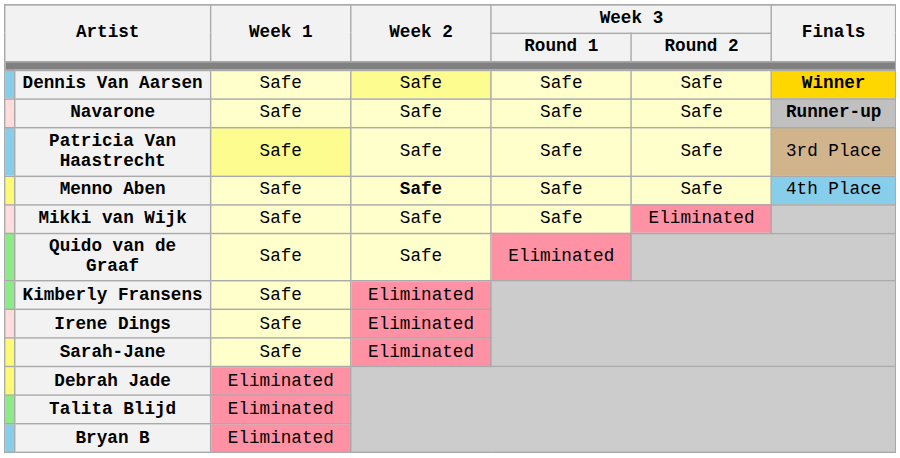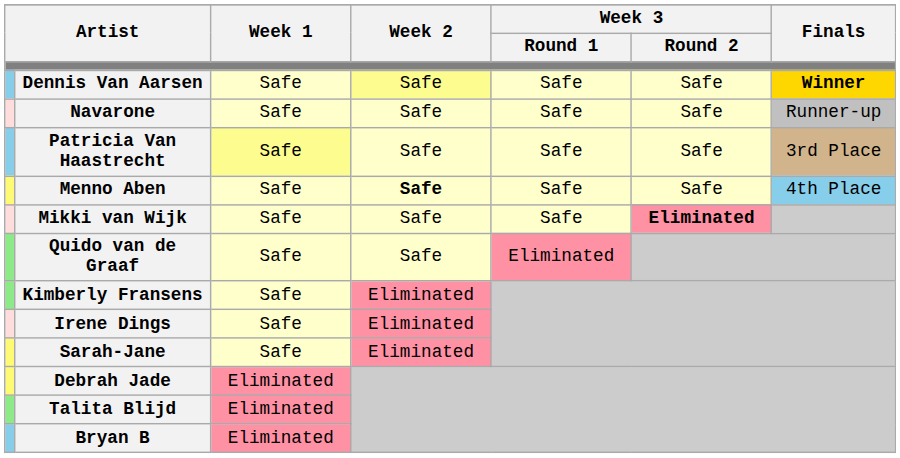 <table class="wikitable"  style="text-align:center; font-size:95%; width:100%;">
 <tr>
 </tr>
 <tr>
 <th style="width:18%"  rowspan="2" colspan="2" scope="col">Artist</th>
 <th style="width:11%"  rowspan="2" colspan="1" scope="col">Week 1</th>
 <th style="width:11%"  rowspan="2" colspan="1" scope="col">Week 2</th>
 <th style="width:22%" colspan="2" scope="col">Week 3</th>
 <th style="width:11%"  rowspan="2" colspan="1" scope="col">Finals</th>
 </tr>
 <tr>
 <th style="width:11%">Round 1</th>
 <th style="width:11%">Round 2</th>
 </tr>
 <tr>
 <th colspan="10" style="background:grey;"></th>
 </tr>
 <tr>
 <th style="background:#87ceeb;"></th>
 <th>Dennis Van Aarsen</th>
 <td style="background:#FFFFCC">Safe</td>
 <td style="background:#fdfc8f">Safe</td>
 <td style="background:#FFFFCC">Safe</td>
 <td style="background:#FFFFCC">Safe</td>
 <td style="background:gold;"><strong>Winner</strong></td>
 </tr>
 <tr>
 <th style="background:#ffdddd;"></th>
 <th>Navarone</th>
 <td style="background:#FFFFCC">Safe</td>
 <td style="background:#FFFFCC">Safe</td>
 <td style="background:#FFFFCC">Safe</td>
 <td style="background:#FFFFCC">Safe</td>
-<td style="background:silver;"><strong>Runner-up</strong></td>
+<td style="background:silver;">Runner-up</td>
 </tr>
 <tr>
 <th style="background:#87ceeb;"></th>
 <th>Patricia Van Haastrecht</th>
 <td style="background:#fdfc8f">Safe</td>
 <td style="background:#FFFFCC">Safe</td>
 <td style="background:#FFFFCC">Safe</td>
 <td style="background:#FFFFCC">Safe</td>
 <td colspan="5" style="background:tan;">3rd Place</td>
 </tr>
 <tr>
 <th style="background:#fffa73;"></th>
 <th>Menno Aben</th>
 <td style="background:#FFFFCC">Safe</td>
 <td style="background:#FFFFCC"><strong>Safe</strong></td>
 <td style="background:#FFFFCC">Safe</td>
 <td style="background:#FFFFCC">Safe</td>
 <td style="background:skyblue;">4th Place</td>
 </tr>
 <tr>
 <th style="background:#ffdddd;"></th>
 <th>Mikki van Wijk</th>
 <td style="background:#FFFFCC">Safe</td>
 <td style="background:#FFFFCC">Safe</td>
 <td style="background:#FFFFCC">Safe</td>
-<td style="background:#FF91A4;">Eliminated</td>
+<td style="background:#FF91A4;"><strong>Eliminated</strong></td>
 <td colspan="3" style="background:#ccc;"></td>
 </tr>
 <tr>
 <th style="background:#8deb87;"></th>
 <th>Quido van de Graaf</th>
 <td style="background:#FFFFCC">Safe</td>
 <td style="background:#FFFFCC">Safe</td>
 <td style="background:#FF91A4;">Eliminated</td>
 <td rowspan="1" colspan="2" style="background:#ccc;"></td>
 </tr>
 <tr>
 <th style="background:#8deb87;"></th>
 <th>Kimberly Fransens</th>
 <td style="background:#FFFFCC">Safe</td>
 <td style="background:#FF91A4;">Eliminated</td>
 <td rowspan="3" colspan="3" style="background:#ccc;"></td>
 </tr>
 <tr>
 <th style="background:#ffdddd;"></th>
 <th>Irene Dings</th>
 <td style="background:#FFFFCC">Safe</td>
 <td style="background:#FF91A4;">Eliminated</td>
 </tr>
 <tr>
 <th style="background:#fffa73;"></th>
 <th>Sarah-Jane</th>
 <td style="background:#FFFFCC">Safe</td>
 <td style="background:#FF91A4;">Eliminated</td>
 </tr>
 <tr>
 <th style="background:#fffa73;"></th>
 <th>Debrah Jade</th>
 <td style="background:#FF91A4;">Eliminated</td>
 <td rowspan="3" colspan="4" style="background:#ccc;"></td>
 </tr>
 <tr>
 <th style="background:#8deb87;"></th>
 <th>Talita Blijd</th>
 <td style="background:#FF91A4;">Eliminated</td>
 </tr>
 <tr>
 <th style="background:#87ceeb;"></th>
 <th>Bryan B</th>
 <td style="background:#FF91A4;">Eliminated</td>
 </tr>
 </table>
